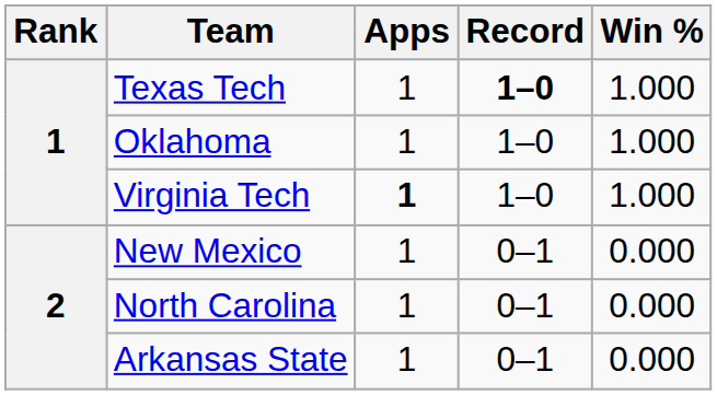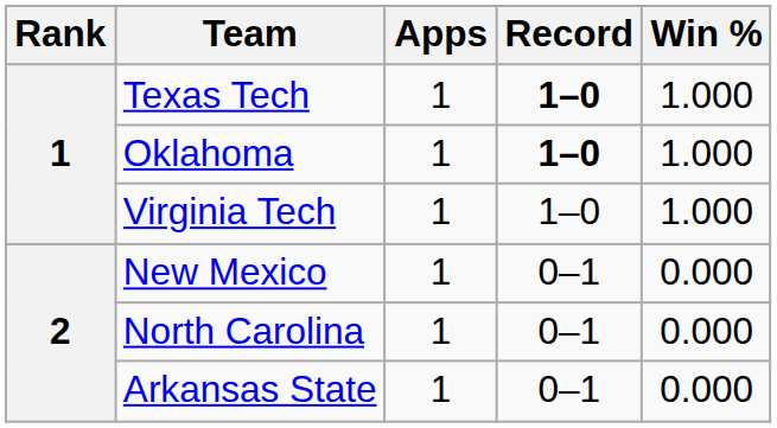 <table class=wikitable style="text-align:center;">
 <tr>
 <th>Rank</th>
 <th>Team</th>
 <th>Apps</th>
 <th>Record</th>
 <th>Win %</th>
 </tr>
 <tr>
 <th rowspan=3>1</th>
 <td align=left><a href='#'>Texas Tech</a></td>
 <td>1</td>
 <td><strong>1–0</strong></td>
 <td>1.000</td>
 </tr>
 <tr>
 <td align=left><a href='#'>Oklahoma</a></td>
 <td>1</td>
-<td>1–0</td>
+<td><strong>1–0</strong></td>
 <td>1.000</td>
 </tr>
 <tr>
 <td align=left><a href='#'>Virginia Tech</a></td>
-<td><strong>1</strong></td>
+<td>1</td>
 <td>1–0</td>
 <td>1.000</td>
 </tr>
 <tr>
 <th rowspan=3>2</th>
 <td align=left><a href='#'>New Mexico</a></td>
 <td>1</td>
 <td>0–1</td>
 <td>0.000</td>
 </tr>
 <tr>
 <td align=left><a href='#'>North Carolina</a></td>
 <td>1</td>
 <td>0–1</td>
 <td>0.000</td>
 </tr>
 <tr>
 <td align=left><a href='#'>Arkansas State</a></td>
 <td>1</td>
 <td>0–1</td>
 <td>0.000</td>
 </tr>
 </table>
